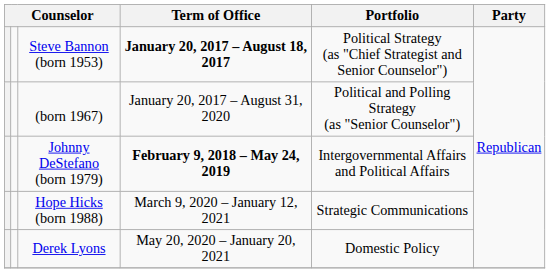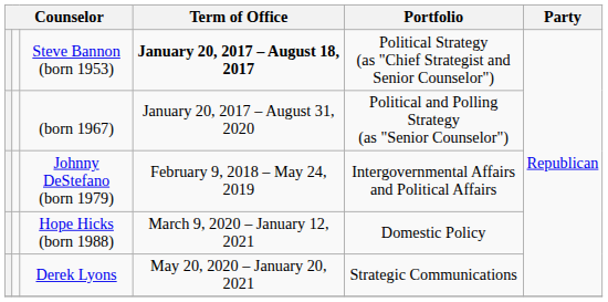 <table class="wikitable sortable" style="text-align:center">
 <tr>
 <th colspan="3">Counselor</th>
 <th>Term of Office</th>
 <th>Portfolio</th>
 <th>Party</th>
 </tr>
 <tr>
 <th style="background:"></th>
 <td></td>
 <td><a href='#'>Steve Bannon</a><br>(born 1953)</td>
 <td><strong>January 20, 2017 – August 18, 2017</strong></td>
 <td>Political Strategy<br>(as "Chief Strategist and<br>Senior Counselor")</td>
 <td rowspan="5"><a href='#'>Republican</a></td>
 </tr>
 <tr>
 <th style="background:"></th>
 <td></td>
 <td><br>(born 1967)</td>
 <td>January 20, 2017 – August 31, 2020</td>
 <td>Political and Polling Strategy<br>(as "Senior Counselor")</td>
 </tr>
 <tr>
 <th style="background:"></th>
 <td></td>
 <td><a href='#'>Johnny DeStefano</a><br>(born 1979)</td>
-<td><strong>February 9, 2018 – May 24, 2019</strong></td>
+<td>February 9, 2018 – May 24, 2019</td>
 <td>Intergovernmental Affairs<br>and Political Affairs</td>
 </tr>
 <tr>
 <th style="background:"></th>
 <td></td>
 <td><a href='#'>Hope Hicks</a><br>(born 1988)</td>
 <td>March 9, 2020 – January 12, 2021</td>
-<td>Strategic Communications</td>
+<td>Domestic Policy</td>
 </tr>
 <tr>
 <th style="background:"></th>
 <td></td>
 <td><a href='#'>Derek Lyons</a></td>
 <td>May 20, 2020 – January 20, 2021</td>
-<td>Domestic Policy</td>
+<td>Strategic Communications</td>
 </tr>
 <tr>
 </tr>
 </table>
